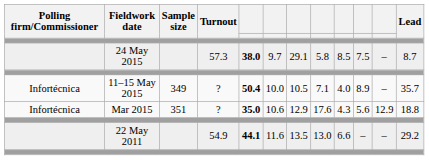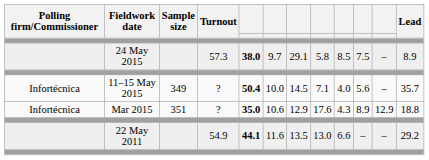 <table class="wikitable collapsible collapsed" style="text-align:center; font-size:95%; line-height:16px;">
 <tr style="height:42px;">
 <th style="width:250px;" rowspan="2">Polling firm/Commissioner</th>
 <th style="width:125px;" rowspan="2">Fieldwork date</th>
 <th style="width:50px;" rowspan="2">Sample size</th>
 <th style="width:45px;" rowspan="2">Turnout</th>
 <th style="width:35px;"></th>
 <th style="width:35px;"></th>
 <th style="width:35px;"></th>
 <th style="width:35px;"></th>
 <th style="width:35px;"></th>
 <th style="width:35px;"></th>
 <th style="width:35px;"></th>
 <th style="width:30px;" rowspan="2">Lead</th>
 </tr>
 <tr>
 <th style="color:inherit;background:"></th>
 <th style="color:inherit;background:"></th>
 <th style="color:inherit;background:"></th>
 <th style="color:inherit;background:"></th>
 <th style="color:inherit;background:"></th>
 <th style="color:inherit;background:"></th>
 <th style="color:inherit;background:"></th>
 </tr>
 <tr>
 <td colspan="12" style="background:#A0A0A0"></td>
 </tr>
 <tr style="background:#EFEFEF;">
 <td><strong></strong></td>
 <td>24 May 2015</td>
 <td></td>
 <td>57.3</td>
 <td><strong>38.0</strong><br></td>
 <td>9.7<br></td>
 <td>29.1<br></td>
 <td>5.8<br></td>
 <td>8.5<br></td>
 <td>7.5<br></td>
 <td>–</td>
-<td style="background:">8.7</td>
+<td style="background:">8.9</td>
 </tr>
 <tr>
 <td colspan="12" style="background:#A0A0A0"></td>
 </tr>
 <tr>
 <td>Infortécnica</td>
 <td>11–15 May 2015</td>
 <td>349</td>
 <td>?</td>
 <td><strong>50.4</strong><br></td>
 <td>10.0<br></td>
-<td>10.5<br></td>
+<td>14.5<br></td>
 <td>7.1<br></td>
 <td>4.0<br></td>
-<td>8.9<br></td>
+<td>5.6<br></td>
 <td>–</td>
 <td style="background:">35.7</td>
 </tr>
 <tr>
 <td>Infortécnica</td>
 <td>Mar 2015</td>
 <td>351</td>
 <td>?</td>
 <td><strong>35.0</strong><br></td>
 <td>10.6<br></td>
 <td>12.9<br></td>
 <td>17.6<br></td>
 <td>4.3<br></td>
-<td>5.6<br></td>
+<td>8.9<br></td>
 <td>12.9<br></td>
 <td style="background:">18.8</td>
 </tr>
 <tr>
 <td colspan="12" style="background:#A0A0A0"></td>
 </tr>
 <tr style="background:#EFEFEF;">
 <td><strong></strong></td>
 <td>22 May 2011</td>
 <td></td>
 <td>54.9</td>
 <td><strong>44.1</strong><br></td>
 <td>11.6<br></td>
 <td>13.5<br></td>
 <td>13.0<br></td>
 <td>6.6<br></td>
 <td>–</td>
 <td>–</td>
 <td style="background:">29.2</td>
 </tr>
 <tr>
 <td colspan="12" style="background:#A0A0A0"></td>
 </tr>
 </table>
